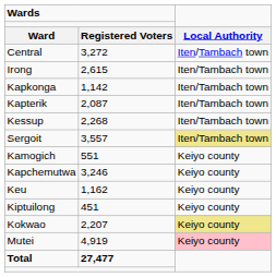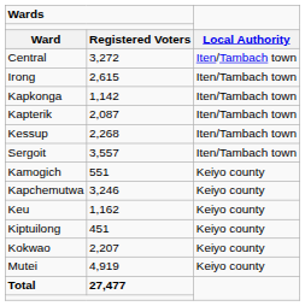 <table class="wikitable">
 <tr>
 <td colspan="2"><strong>Wards</strong></td>
 </tr>
 <tr>
 <td colspan="2"></td>
 </tr>
 <tr>
 <th>Ward</th>
 <th>Registered Voters</th>
 <th><a href='#'>Local Authority</a></th>
 </tr>
 <tr>
 <td>Central</td>
 <td>3,272</td>
 <td><a href='#'>Iten</a>/<a href='#'>Tambach</a> town</td>
 </tr>
 <tr>
 <td>Irong</td>
 <td>2,615</td>
 <td>Iten/Tambach town</td>
 </tr>
 <tr>
 <td>Kapkonga</td>
 <td>1,142</td>
 <td>Iten/Tambach town</td>
 </tr>
 <tr>
 <td>Kapterik</td>
 <td>2,087</td>
 <td>Iten/Tambach town</td>
 </tr>
 <tr>
 <td>Kessup</td>
 <td>2,268</td>
 <td>Iten/Tambach town</td>
 </tr>
 <tr>
 <td>Sergoit</td>
 <td>3,557</td>
-<td style="background: khaki;">Iten/Tambach town</td>
+<td>Iten/Tambach town</td>
 </tr>
 <tr>
 <td>Kamogich</td>
 <td>551</td>
 <td>Keiyo county</td>
 </tr>
 <tr>
 <td>Kapchemutwa</td>
 <td>3,246</td>
 <td>Keiyo county</td>
 </tr>
 <tr>
 <td>Keu</td>
 <td>1,162</td>
 <td>Keiyo county</td>
 </tr>
 <tr>
 <td>Kiptuilong</td>
 <td>451</td>
 <td>Keiyo county</td>
 </tr>
 <tr>
 <td>Kokwao</td>
 <td>2,207</td>
-<td style="background: khaki;">Keiyo county</td>
+<td>Keiyo county</td>
 </tr>
 <tr>
 <td>Mutei</td>
 <td>4,919</td>
-<td style="background: pink;">Keiyo county</td>
+<td>Keiyo county</td>
 </tr>
 <tr>
 <td><strong>Total</strong></td>
 <td><strong>27,477</strong></td>
 </tr>
 <tr>
 <td colspan="2"></td>
 </tr>
 </table>
